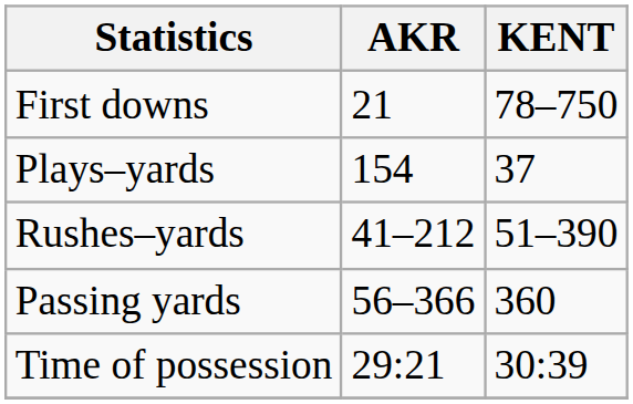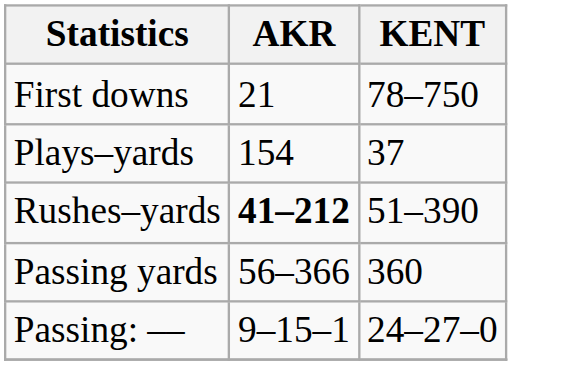 <table class="wikitable" style="float:left">
 <tr>
 <th>Statistics</th>
 <th>AKR</th>
 <th>KENT</th>
 </tr>
 <tr>
 <td>First downs</td>
 <td>21</td>
 <td>78–750</td>
 </tr>
 <tr>
 <td>Plays–yards</td>
 <td>154</td>
 <td>37</td>
 </tr>
 <tr>
 <td>Rushes–yards</td>
-<td>41–212</td>
+<td><strong>41–212</strong></td>
 <td>51–390</td>
 </tr>
 <tr>
 <td>Passing yards</td>
 <td>56–366</td>
 <td>360</td>
 </tr>
 <tr>
-<td>Time of possession</td>
-<td>29:21</td>
-<td>30:39</td>
+<td>Passing: ––</td>
+<td>9–15–1</td>
+<td>24–27–0</td>
 </tr>
 <tr>
 </tr>
 </table>
